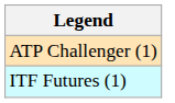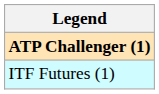 <table class=wikitable style=font-size:97%>
 <tr>
 <th>Legend</th>
 </tr>
 <tr bgcolor=moccasin>
-<td>ATP Challenger (1)</td>
+<td><strong>ATP Challenger (1)</strong></td>
 </tr>
 <tr bgcolor=cffcff>
 <td>ITF Futures (1)</td>
 </tr>
 </table>
